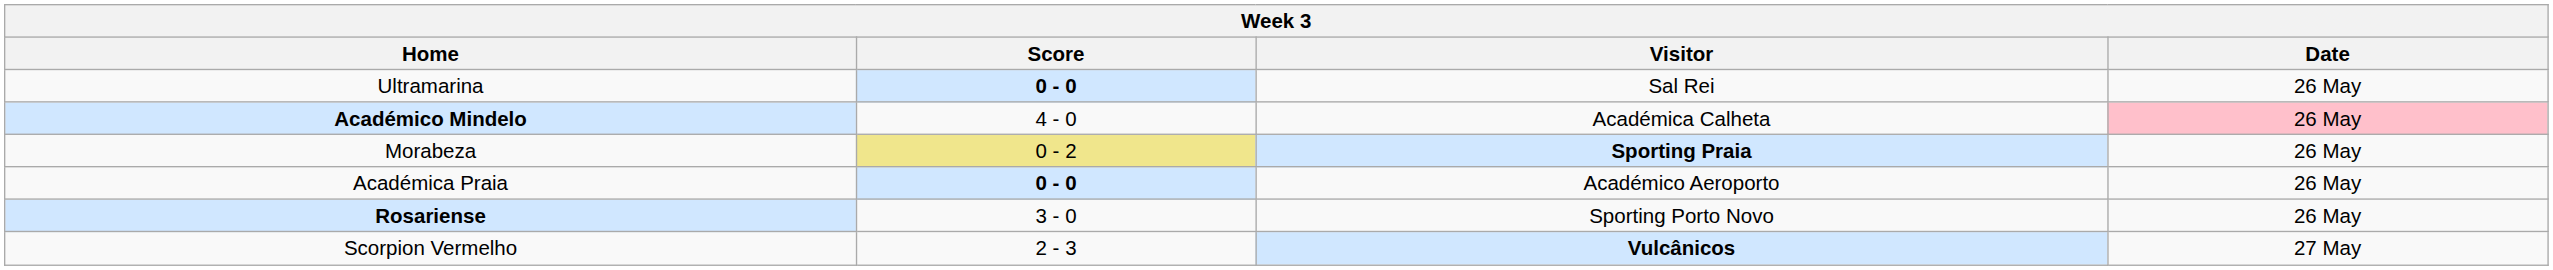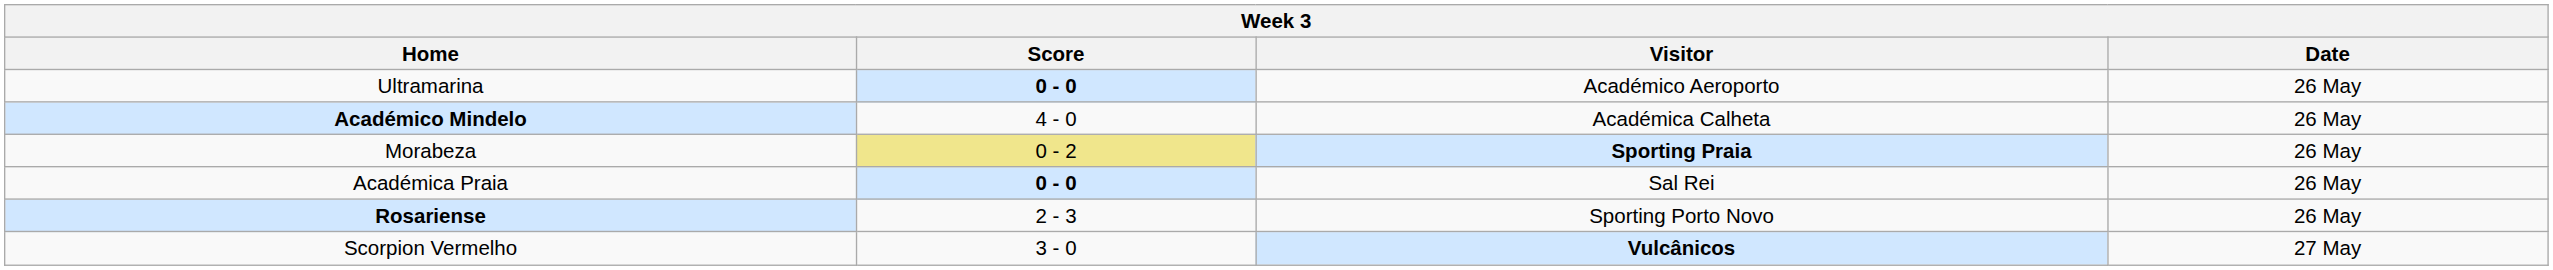 <table class="wikitable" style="font-size:95%; text-align: center; width: 95%;">
 <tr>
 <th colspan="12" style="with: 100%;" align=center>Week 3</th>
 </tr>
 <tr>
 <th width="200">Home</th>
 <th width="90">Score</th>
 <th width="200">Visitor</th>
 <th width="100">Date</th>
 </tr>
 <tr align=center>
 <td>Ultramarina</td>
 <td bgcolor=#D0E7FF><strong> 0 - 0</strong></td>
-<td>Sal Rei</td>
+<td>Académico Aeroporto</td>
 <td>26 May</td>
 </tr>
 <tr align=center>
 <td bgcolor=#D0E7FF><strong>Académico Mindelo</strong></td>
 <td>4 - 0</td>
 <td>Académica Calheta</td>
-<td style="background: pink;">26 May</td>
+<td>26 May</td>
 </tr>
 <tr align=center>
 <td>Morabeza</td>
 <td style="background: khaki;">0 - 2</td>
 <td bgcolor=#D0E7FF><strong>Sporting Praia</strong></td>
 <td>26 May</td>
 </tr>
 <tr align=center>
 <td>Académica Praia</td>
 <td bgcolor=#D0E7FF><strong>0 - 0</strong></td>
-<td>Académico Aeroporto</td>
+<td>Sal Rei</td>
 <td>26 May</td>
 </tr>
 <tr align=center>
 <td bgcolor=#D0E7FF><strong>Rosariense</strong></td>
-<td>3 - 0</td>
+<td>2 - 3</td>
 <td>Sporting Porto Novo</td>
 <td>26 May</td>
 </tr>
 <tr align=center>
 <td>Scorpion Vermelho</td>
-<td>2 - 3</td>
+<td>3 - 0</td>
 <td bgcolor=#D0E7FF><strong>Vulcânicos</strong></td>
 <td>27 May</td>
 </tr>
 </table>
